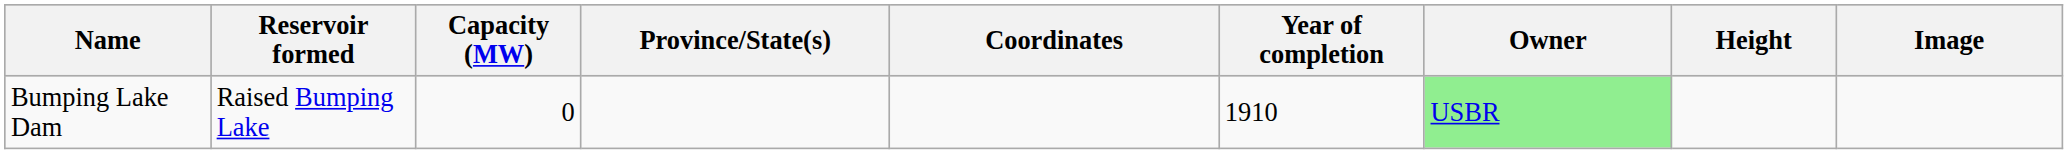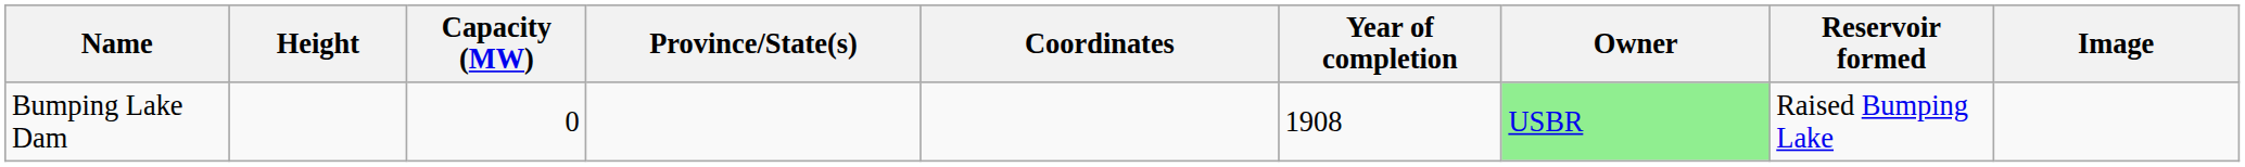 <table class="wikitable sortable" border="1">
 <tr>
 <th width="10%">Name</th>
-<th width="10%">Reservoir formed</th>
+<th width="8%">Height</th>
 <th width="8%">Capacity (<a href='#'>MW</a>)</th>
 <th width="15%">Province/State(s)</th>
 <th width="16%">Coordinates</th>
 <th width="10%">Year of completion</th>
 <th width="12%">Owner</th>
-<th width="8%">Height</th>
+<th width="10%">Reservoir formed</th>
 <th>Image</th>
 </tr>
 <tr>
 <td>Bumping Lake Dam</td>
-<td>Raised <a href='#'>Bumping Lake</a></td>
+<td></td>
 <td align="right">0</td>
 <td></td>
 <td></td>
-<td>1910</td>
+<td>1908</td>
 <td style="background: lightgreen;"><a href='#'>USBR</a></td>
-<td></td>
+<td>Raised <a href='#'>Bumping Lake</a></td>
 <td><br></td>
 </tr>
 </table>
